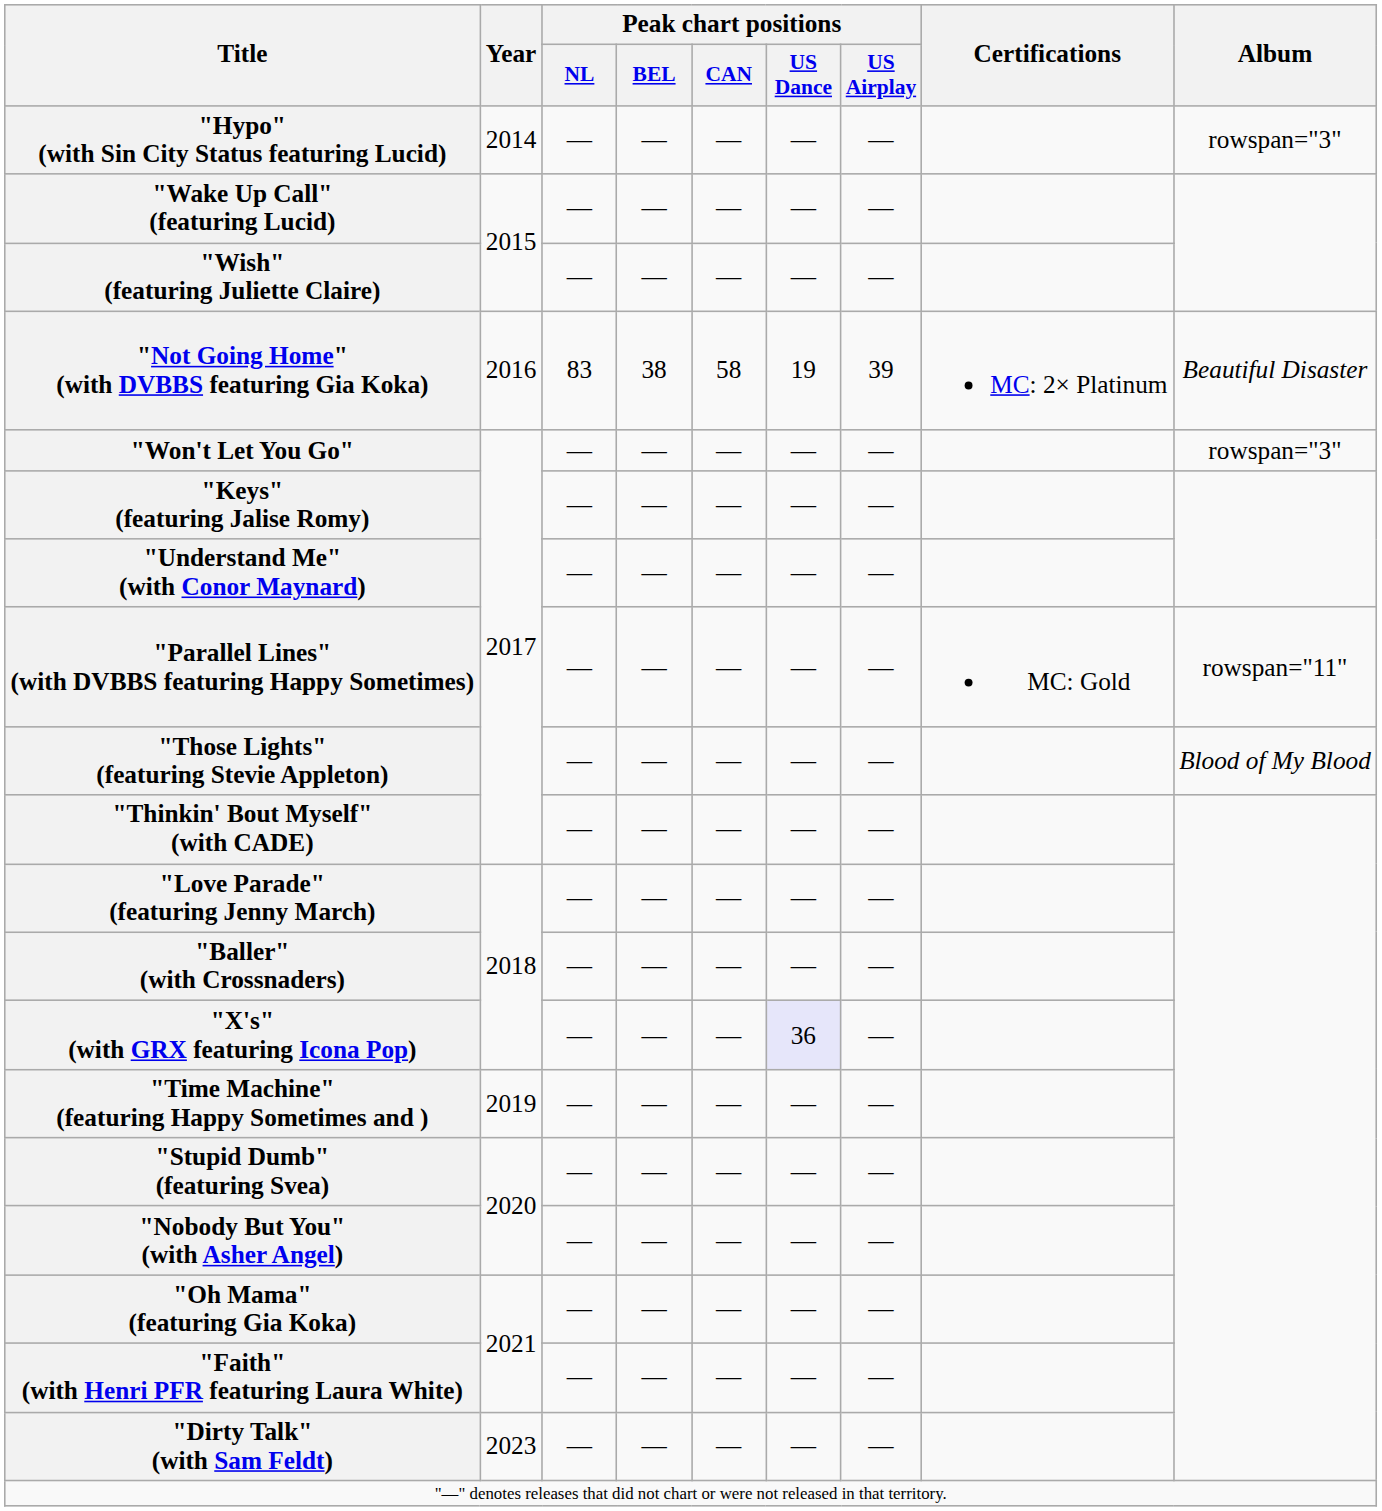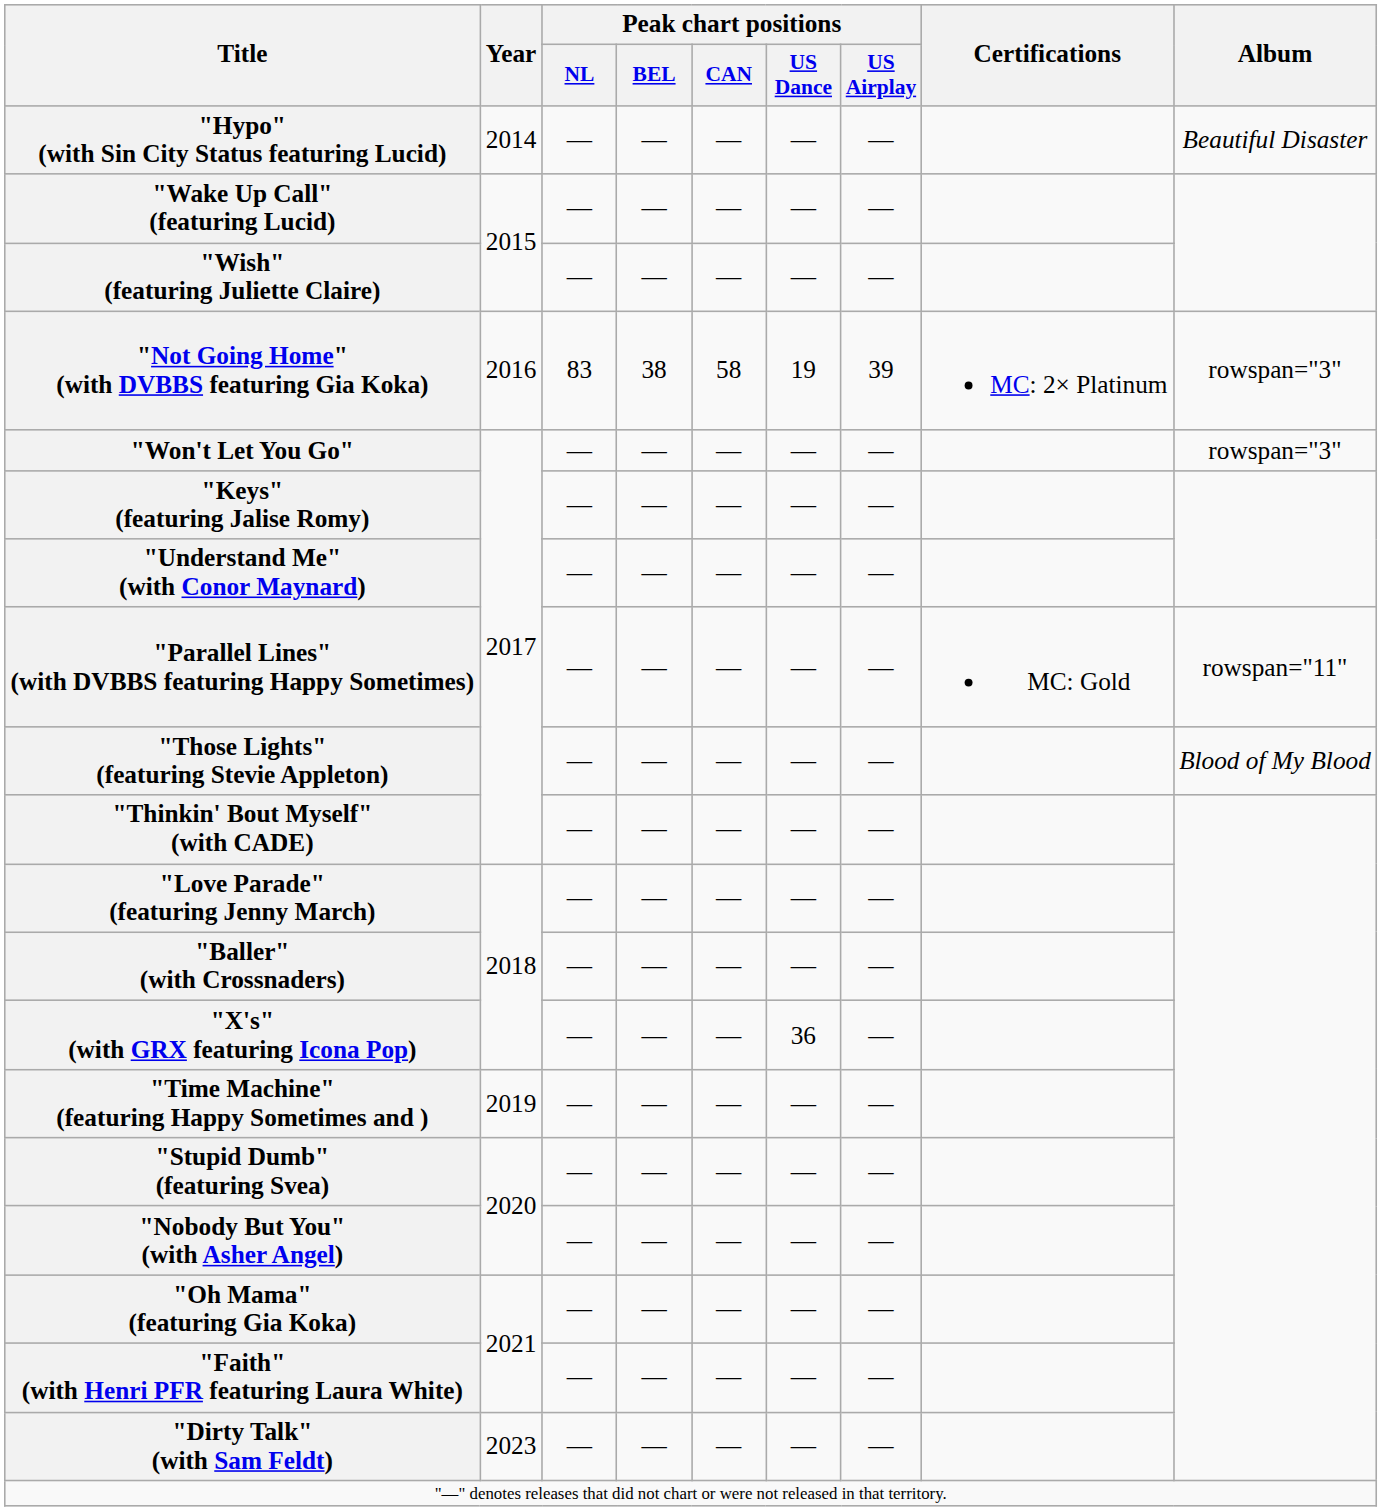 <table class="wikitable plainrowheaders" style="text-align:center;">
 <tr>
 <th rowspan="2" scope="col">Title</th>
 <th rowspan="2" scope="col">Year</th>
 <th colspan="5">Peak chart positions</th>
 <th rowspan="2" scope="col">Certifications</th>
 <th rowspan="2" scope="col">Album</th>
 </tr>
 <tr>
 <th scope="col" style="width:3em;font-size:85%;"><a href='#'>NL</a></th>
 <th scope="col" style="width:3em;font-size:85%;"><a href='#'>BEL</a></th>
 <th scope="col" style="width:3em;font-size:85%;"><a href='#'>CAN</a></th>
 <th scope="col" style="width:3em;font-size:85%;"><a href='#'>US</a><br><a href='#'>Dance</a></th>
 <th scope="col" style="width:3em;font-size:85%;"><a href='#'>US</a><br><a href='#'>Airplay</a></th>
 </tr>
 <tr>
 <th scope="row">"Hypo"<br><span>(with Sin City Status featuring Lucid)</span></th>
 <td>2014</td>
 <td>—</td>
 <td>—</td>
 <td>—</td>
 <td>—</td>
 <td>—</td>
 <td></td>
-<td>rowspan="3" </td>
+<td><em>Beautiful Disaster</em></td>
 </tr>
 <tr>
 <th scope="row">"Wake Up Call"<br><span>(featuring Lucid)</span></th>
 <td rowspan="2">2015</td>
 <td>—</td>
 <td>—</td>
 <td>—</td>
 <td>—</td>
 <td>—</td>
 <td></td>
 </tr>
 <tr>
 <th scope="row">"Wish"<br><span>(featuring Juliette Claire)</span></th>
 <td>—</td>
 <td>—</td>
 <td>—</td>
 <td>—</td>
 <td>—</td>
 <td></td>
 </tr>
 <tr>
 <th scope="row">"<a href='#'>Not Going Home</a>"<br><span>(with <a href='#'>DVBBS</a> featuring Gia Koka)</span></th>
 <td>2016</td>
 <td>83<br></td>
 <td>38<br></td>
 <td>58<br></td>
 <td>19<br></td>
 <td>39<br></td>
 <td><br><ul><li><a href='#'>MC</a>: 2× Platinum</li></ul></td>
-<td><em>Beautiful Disaster</em></td>
+<td>rowspan="3" </td>
 </tr>
 <tr>
 <th scope="row">"Won't Let You Go"</th>
 <td rowspan="6">2017</td>
 <td>—</td>
 <td>—</td>
 <td>—</td>
 <td>—</td>
 <td>—</td>
 <td></td>
 <td>rowspan="3" </td>
 </tr>
 <tr>
 <th scope="row">"Keys"<br><span>(featuring Jalise Romy)</span></th>
 <td>—</td>
 <td>—</td>
 <td>—</td>
 <td>—</td>
 <td>—</td>
 <td></td>
 </tr>
 <tr>
 <th scope="row">"Understand Me"<br><span>(with <a href='#'>Conor Maynard</a>)</span></th>
 <td>—</td>
 <td>—</td>
 <td>—</td>
 <td>—</td>
 <td>—</td>
 <td></td>
 </tr>
 <tr>
 <th scope="row">"Parallel Lines"<br><span>(with DVBBS featuring Happy Sometimes)</span></th>
 <td>—</td>
 <td>—</td>
 <td>—</td>
 <td>—</td>
 <td>—</td>
 <td><br><ul><li>MC: Gold</li></ul></td>
 <td>rowspan="11" </td>
 </tr>
 <tr>
 <th scope="row">"Those Lights"<br><span>(featuring Stevie Appleton)</span></th>
 <td>—</td>
 <td>—</td>
 <td>—</td>
 <td>—</td>
 <td>—</td>
 <td></td>
 <td><em>Blood of My Blood</em></td>
 </tr>
 <tr>
 <th scope="row">"Thinkin' Bout Myself"<br><span>(with CADE)</span></th>
 <td>—</td>
 <td>—</td>
 <td>—</td>
 <td>—</td>
 <td>—</td>
 <td></td>
 </tr>
 <tr>
 <th scope="row">"Love Parade"<br><span>(featuring Jenny March)</span></th>
 <td rowspan="3">2018</td>
 <td>—</td>
 <td>—</td>
 <td>—</td>
 <td>—</td>
 <td>—</td>
 <td></td>
 </tr>
 <tr>
 <th scope="row">"Baller"<br><span>(with Crossnaders)</span></th>
 <td>—</td>
 <td>—</td>
 <td>—</td>
 <td>—</td>
 <td>—</td>
 <td></td>
 </tr>
 <tr>
 <th scope="row">"X's" <br><span>(with <a href='#'>GRX</a> featuring <a href='#'>Icona Pop</a>)</span></th>
 <td>—</td>
 <td>—</td>
 <td>—</td>
-<td style="background: lavender;">36<br></td>
+<td>36<br></td>
 <td>—</td>
 <td></td>
 </tr>
 <tr>
 <th scope="row">"Time Machine" <br><span>(featuring Happy Sometimes and )</span></th>
 <td>2019</td>
 <td>—</td>
 <td>—</td>
 <td>—</td>
 <td>—</td>
 <td>—</td>
 <td></td>
 </tr>
 <tr>
 <th scope="row">"Stupid Dumb" <br><span>(featuring Svea)</span></th>
 <td rowspan="2">2020</td>
 <td>—</td>
 <td>—</td>
 <td>—</td>
 <td>—</td>
 <td>—</td>
 <td></td>
 </tr>
 <tr>
 <th scope="row">"Nobody But You" <br><span>(with <a href='#'>Asher Angel</a>)</span></th>
 <td>—</td>
 <td>—</td>
 <td>—</td>
 <td>—</td>
 <td>—</td>
 <td></td>
 </tr>
 <tr>
 <th scope="row">"Oh Mama" <br><span>(featuring Gia Koka)</span></th>
 <td rowspan="2">2021</td>
 <td>—</td>
 <td>—</td>
 <td>—</td>
 <td>—</td>
 <td>—</td>
 <td></td>
 </tr>
 <tr>
 <th scope="row">"Faith" <br><span>(with <a href='#'>Henri PFR</a> featuring Laura White)</span></th>
 <td>—</td>
 <td>—</td>
 <td>—</td>
 <td>—</td>
 <td>—</td>
 <td></td>
 </tr>
 <tr>
 <th scope="row">"Dirty Talk"<br><span>(with <a href='#'>Sam Feldt</a>)</span></th>
 <td>2023</td>
 <td>—</td>
 <td>—</td>
 <td>—</td>
 <td>—</td>
 <td>—</td>
 <td></td>
 </tr>
 <tr>
 <td colspan="14" style="text-align:center; font-size:8pt;">"—" denotes releases that did not chart or were not released in that territory.</td>
 </tr>
 </table>
